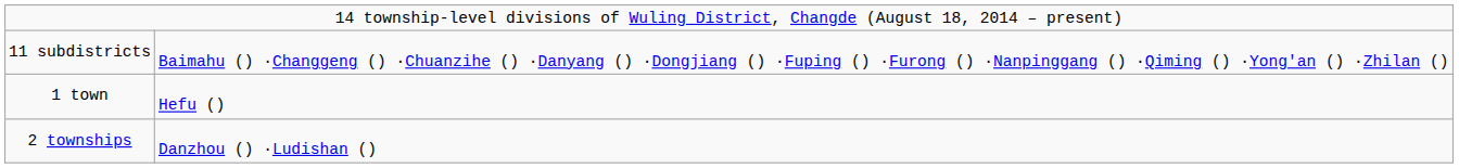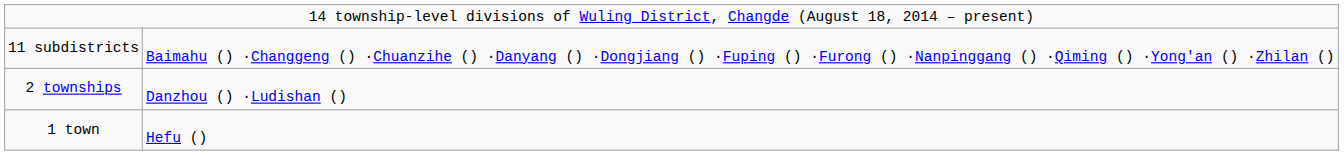 <table class="wikitable">
 <tr>
 <td style="text-align:center;" colspan="2">14 township-level divisions of <a href='#'>Wuling District</a>, <a href='#'>Changde</a> (August 18, 2014 – present)</td>
 </tr>
 <tr align=left>
 <td align=center>11 subdistricts</td>
 <td><br><a href='#'>Baimahu</a> () ·<a href='#'>Changgeng</a> () ·<a href='#'>Chuanzihe</a> () ·<a href='#'>Danyang</a> () ·<a href='#'>Dongjiang</a> () ·<a href='#'>Fuping</a> () ·<a href='#'>Furong</a> () ·<a href='#'>Nanpinggang</a> () ·<a href='#'>Qiming</a> () ·<a href='#'>Yong'an</a> () ·<a href='#'>Zhilan</a> ()</td>
 </tr>
 <tr align=left>
+<td align=center>2 <a href='#'>townships</a></td>
+<td><br><a href='#'>Danzhou</a> () ·<a href='#'>Ludishan</a> ()</td>
+</tr>
+<tr align=left>
 <td align=center>1 town</td>
 <td><br><a href='#'>Hefu</a> ()</td>
 </tr>
-<tr align=left>
-<td align=center>2 <a href='#'>townships</a></td>
-<td><br><a href='#'>Danzhou</a> () ·<a href='#'>Ludishan</a> ()</td>
-</tr>
 </table>
